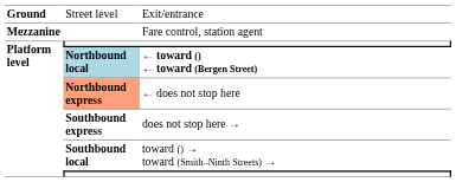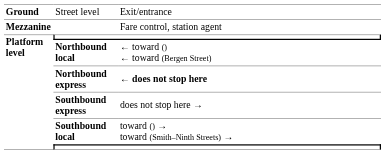 <table cellspacing=0 cellpadding=3>
 <tr>
 <td style="border-top:solid 1px gray;" width=75><strong>Ground</strong></td>
 <td style="border-top:solid 1px gray;" width=100>Street level</td>
 <td style="border-top:solid 1px gray;" width=425>Exit/entrance</td>
 </tr>
 <tr>
 <td style="border-top:solid 1px gray;" colspan=2><strong>Mezzanine</strong></td>
 <td style="border-top:solid 1px gray;">Fare control, station agent</td>
 </tr>
 <tr>
 <td style="border-top:solid 1px gray;border-bottom:solid 1px gray;" rowspan=6 valign=top><strong>Platform level</strong></td>
 <td style="border-top:solid 1px gray;border-right:solid 2px black;border-left:solid 2px black;border-bottom:solid 2px black;text-align:center;" colspan=2></td>
 </tr>
 <tr>
-<td style="background: lightblue; border-bottom:solid 1px gray;"><strong>Northbound local</strong></td>
-<td style="border-bottom:solid 1px gray;"><strong>←  toward  <small>()</small><br>←  toward  <small>(Bergen Street)</small></strong></td>
+<td style="border-bottom:solid 1px gray;"><strong>Northbound local</strong></td>
+<td style="border-bottom:solid 1px gray;">←  toward  <small>()</small><br>←  toward  <small>(Bergen Street)</small></td>
 </tr>
 <tr>
-<td style="background: lightsalmon; border-bottom:solid 1px gray;"><span><strong>Northbound express</strong></span></td>
-<td style="border-bottom:solid 1px gray;">←  does not stop here</td>
+<td style="border-bottom:solid 1px gray;"><span><strong>Northbound express</strong></span></td>
+<td style="border-bottom:solid 1px gray;"><strong>←  does not stop here</strong></td>
 </tr>
 <tr>
 <td style="border-bottom:solid 1px gray;"><span><strong>Southbound express</strong></span></td>
 <td style="border-bottom:solid 1px gray;">  does not stop here →</td>
 </tr>
 <tr>
 <td><strong>Southbound local</strong></td>
 <td>  toward  <small>()</small> →<br>  toward  <small>(Smith–Ninth Streets)</small> →</td>
 </tr>
 <tr>
 <td style="border-bottom:solid 1px gray;border-top:solid 2px black;border-right:solid 2px black;border-left:solid 2px black;text-align:center;" colspan=2></td>
 </tr>
 </table>
